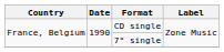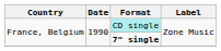 <table class=wikitable>
 <tr>
 <th>Country</th>
 <th>Date</th>
 <th>Format</th>
 <th>Label</th>
 </tr>
 <tr>
 <td rowspan="2">France, Belgium</td>
 <td rowspan="2">1990</td>
-<td>CD single</td>
+<td style="background: paleturquoise;">CD single</td>
 <td rowspan="2">Zone Music</td>
 </tr>
 <tr>
-<td>7" single</td>
+<td><strong>7" single</strong></td>
 </tr>
 <tr>
 </tr>
 </table>
